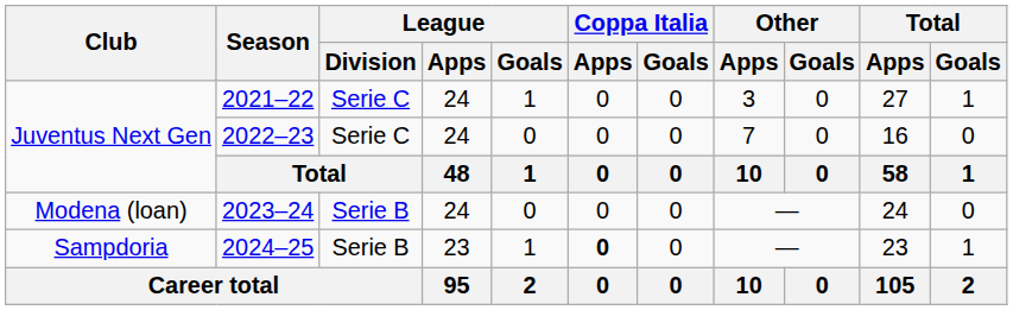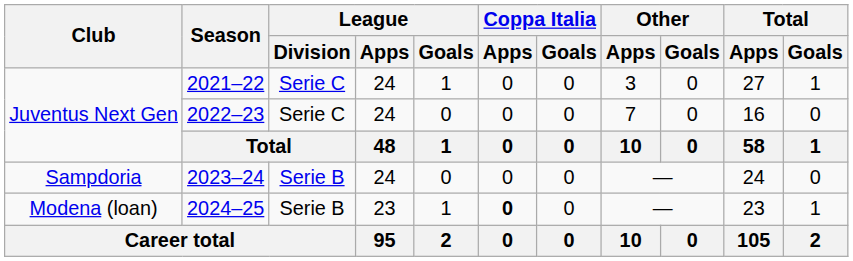 <table class="wikitable" style="text-align:center">
 <tr>
 <th rowspan="2">Club</th>
 <th rowspan="2">Season</th>
 <th colspan="3">League</th>
 <th colspan="2"><a href='#'>Coppa Italia</a></th>
 <th colspan="2">Other</th>
 <th colspan="2">Total</th>
 </tr>
 <tr>
 <th>Division</th>
 <th>Apps</th>
 <th>Goals</th>
 <th>Apps</th>
 <th>Goals</th>
 <th>Apps</th>
 <th>Goals</th>
 <th>Apps</th>
 <th>Goals</th>
 </tr>
 <tr>
 <td rowspan="3"><a href='#'>Juventus Next Gen</a></td>
 <td><a href='#'>2021–22</a></td>
 <td><a href='#'>Serie C</a></td>
 <td>24</td>
 <td>1</td>
 <td>0</td>
 <td>0</td>
 <td>3</td>
 <td>0</td>
 <td>27</td>
 <td>1</td>
 </tr>
 <tr>
 <td><a href='#'>2022–23</a></td>
 <td>Serie C</td>
 <td>24</td>
 <td>0</td>
 <td>0</td>
 <td>0</td>
 <td>7</td>
 <td>0</td>
 <td 0>16</td>
 <td>0</td>
 </tr>
 <tr>
 <th colspan="2">Total</th>
 <th>48</th>
 <th>1</th>
 <th>0</th>
 <th>0</th>
 <th>10</th>
 <th>0</th>
 <th>58</th>
 <th>1</th>
 </tr>
 <tr>
-<td><a href='#'>Modena</a> (loan)</td>
+<td><a href='#'>Sampdoria</a></td>
 <td><a href='#'>2023–24</a></td>
 <td><a href='#'>Serie B</a></td>
 <td>24</td>
 <td>0</td>
 <td>0</td>
 <td>0</td>
 <td colspan="2">—</td>
 <td>24</td>
 <td>0</td>
 </tr>
 <tr>
-<td><a href='#'>Sampdoria</a></td>
+<td><a href='#'>Modena</a> (loan)</td>
 <td><a href='#'>2024–25</a></td>
 <td>Serie B</td>
 <td>23</td>
 <td>1</td>
 <td><strong>0</strong></td>
 <td>0</td>
 <td colspan="2">—</td>
 <td>23</td>
 <td>1</td>
 </tr>
 <tr>
 <th colspan="3">Career total</th>
 <th>95</th>
 <th>2</th>
 <th>0</th>
 <th>0</th>
 <th>10</th>
 <th>0</th>
 <th>105</th>
 <th>2</th>
 </tr>
 </table>
